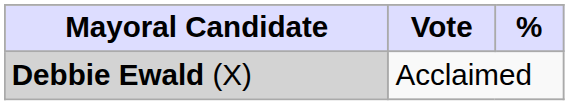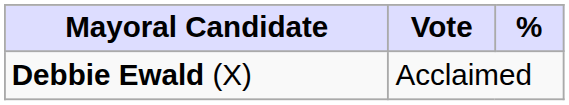 <table class="wikitable">
 <tr>
 <th style="background:#ddf; width:200px;">Mayoral Candidate</th>
 <th style="background:#ddf; width:50px;">Vote</th>
 <th style="background:#ddf; width:30px;">%</th>
 </tr>
 <tr>
-<td style="background: lightgrey;"><strong>Debbie Ewald</strong> (X)</td>
+<td><strong>Debbie Ewald</strong> (X)</td>
 <td colspan="2">Acclaimed</td>
 </tr>
 </table>
